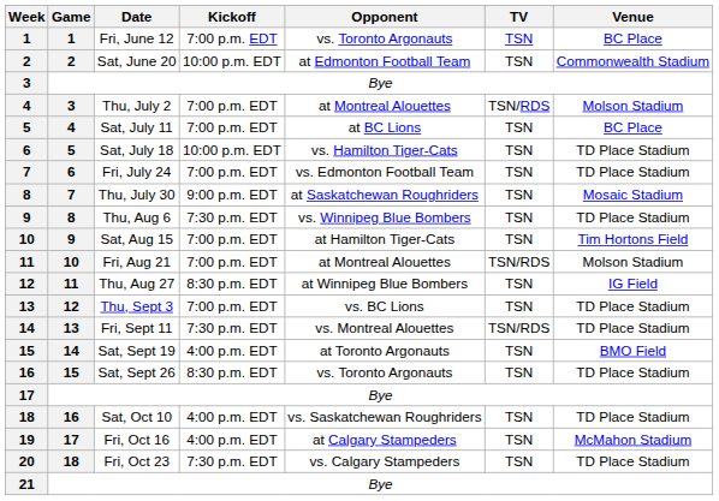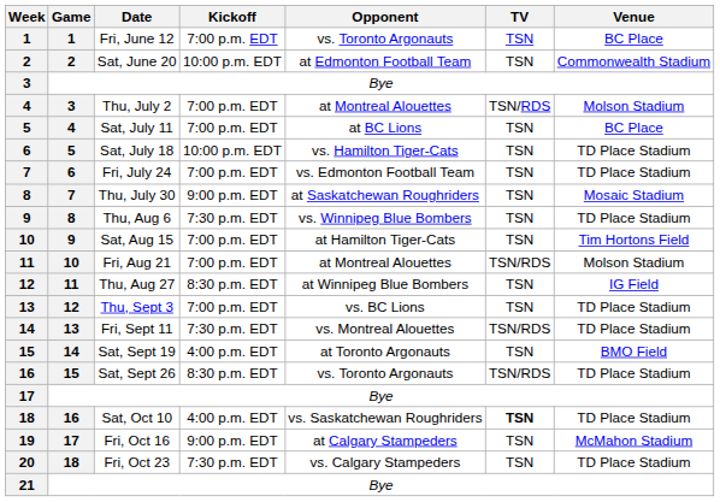 <table class="wikitable" style="font-size: 95%;">
 <tr>
 <th scope="col">Week</th>
 <th scope="col">Game</th>
 <th scope="col">Date</th>
 <th scope="col">Kickoff</th>
 <th scope="col">Opponent</th>
 <th scope="col">TV</th>
 <th scope="col">Venue</th>
 </tr>
 <tr align="center" bgcolor="#ffffff">
 <th align="center">1</th>
 <th align="center">1</th>
 <td align="center">Fri, June 12</td>
 <td align="center">7:00 p.m. <a href='#'>EDT</a></td>
 <td align="center">vs. <a href='#'>Toronto Argonauts</a></td>
 <td align="center"><a href='#'>TSN</a></td>
 <td align="center"><a href='#'>BC Place</a></td>
 </tr>
 <tr align="center" bgcolor="#ffffff">
 <th align="center">2</th>
 <th align="center">2</th>
 <td align="center">Sat, June 20</td>
 <td align="center">10:00 p.m. EDT</td>
 <td align="center">at <a href='#'>Edmonton Football Team</a></td>
 <td align="center">TSN</td>
 <td align="center"><a href='#'>Commonwealth Stadium</a></td>
 </tr>
 <tr align="center" bgcolor="#ffffff">
 <th align="center">3</th>
 <td colspan=10 align="center" valign="middle"><em>Bye</em></td>
 </tr>
 <tr align="center" bgcolor="#ffffff">
 <th align="center">4</th>
 <th align="center">3</th>
 <td align="center">Thu, July 2</td>
 <td align="center">7:00 p.m. EDT</td>
 <td align="center">at <a href='#'>Montreal Alouettes</a></td>
 <td align="center">TSN/<a href='#'>RDS</a></td>
 <td align="center"><a href='#'>Molson Stadium</a></td>
 </tr>
 <tr align="center" bgcolor="#ffffff">
 <th align="center">5</th>
 <th align="center">4</th>
 <td align="center">Sat, July 11</td>
 <td align="center">7:00 p.m. EDT</td>
 <td align="center">at <a href='#'>BC Lions</a></td>
 <td align="center">TSN</td>
 <td align="center"><a href='#'>BC Place</a></td>
 </tr>
 <tr align="center" bgcolor="#ffffff">
 <th align="center">6</th>
 <th align="center">5</th>
 <td align="center">Sat, July 18</td>
 <td align="center">10:00 p.m. EDT</td>
 <td align="center">vs. <a href='#'>Hamilton Tiger-Cats</a></td>
 <td align="center">TSN</td>
 <td align="center">TD Place Stadium</td>
 </tr>
 <tr align="center" bgcolor="#ffffff">
 <th align="center">7</th>
 <th align="center">6</th>
 <td align="center">Fri, July 24</td>
 <td align="center">7:00 p.m. EDT</td>
 <td align="center">vs. Edmonton Football Team</td>
 <td align="center">TSN</td>
 <td align="center">TD Place Stadium</td>
 </tr>
 <tr align="center" bgcolor="#ffffff">
 <th align="center">8</th>
 <th align="center">7</th>
 <td align="center">Thu, July 30</td>
 <td align="center">9:00 p.m. EDT</td>
 <td align="center">at <a href='#'>Saskatchewan Roughriders</a></td>
 <td align="center">TSN</td>
 <td align="center"><a href='#'>Mosaic Stadium</a></td>
 </tr>
 <tr align="center" bgcolor="#ffffff">
 <th align="center">9</th>
 <th align="center">8</th>
 <td align="center">Thu, Aug 6</td>
 <td align="center">7:30 p.m. EDT</td>
 <td align="center">vs. <a href='#'>Winnipeg Blue Bombers</a></td>
 <td align="center">TSN</td>
 <td align="center">TD Place Stadium</td>
 </tr>
 <tr align="center" bgcolor="#ffffff">
 <th align="center">10</th>
 <th align="center">9</th>
 <td align="center">Sat, Aug 15</td>
 <td align="center">7:00 p.m. EDT</td>
 <td align="center">at Hamilton Tiger-Cats</td>
 <td align="center">TSN</td>
 <td align="center"><a href='#'>Tim Hortons Field</a></td>
 </tr>
 <tr align="center" bgcolor="#ffffff">
 <th align="center">11</th>
 <th align="center">10</th>
 <td align="center">Fri, Aug 21</td>
 <td align="center">7:00 p.m. EDT</td>
 <td align="center">at Montreal Alouettes</td>
 <td align="center">TSN/RDS</td>
 <td align="center">Molson Stadium</td>
 </tr>
 <tr align="center" bgcolor="#ffffff">
 <th align="center">12</th>
 <th align="center">11</th>
 <td align="center">Thu, Aug 27</td>
 <td align="center">8:30 p.m. EDT</td>
 <td align="center">at Winnipeg Blue Bombers</td>
 <td align="center">TSN</td>
 <td align="center"><a href='#'>IG Field</a></td>
 </tr>
 <tr align="center" bgcolor="#ffffff">
 <th align="center">13</th>
 <th align="center">12</th>
 <td align="center"><a href='#'>Thu, Sept 3</a></td>
 <td align="center">7:00 p.m. EDT</td>
 <td align="center">vs. BC Lions</td>
 <td align="center">TSN</td>
 <td align="center">TD Place Stadium</td>
 </tr>
 <tr align="center" bgcolor="#ffffff">
 <th align="center">14</th>
 <th align="center">13</th>
 <td align="center">Fri, Sept 11</td>
 <td align="center">7:30 p.m. EDT</td>
 <td align="center">vs. Montreal Alouettes</td>
 <td align="center">TSN/RDS</td>
 <td align="center">TD Place Stadium</td>
 </tr>
 <tr align="center" bgcolor="#ffffff">
 <th align="center">15</th>
 <th align="center">14</th>
 <td align="center">Sat, Sept 19</td>
 <td align="center">4:00 p.m. EDT</td>
 <td align="center">at Toronto Argonauts</td>
 <td align="center">TSN</td>
 <td align="center"><a href='#'>BMO Field</a></td>
 </tr>
 <tr align="center" bgcolor="#ffffff">
 <th align="center">16</th>
 <th align="center">15</th>
 <td align="center">Sat, Sept 26</td>
 <td align="center">8:30 p.m. EDT</td>
 <td align="center">vs. Toronto Argonauts</td>
-<td align="center">TSN</td>
+<td align="center">TSN/RDS</td>
 <td align="center">TD Place Stadium</td>
 </tr>
 <tr align="center" bgcolor="#ffffff">
 <th align="center">17</th>
 <td colspan=10 align="center" valign="middle"><em>Bye</em></td>
 </tr>
 <tr align="center" bgcolor="#ffffff">
 <th align="center">18</th>
 <th align="center">16</th>
 <td align="center">Sat, Oct 10</td>
 <td align="center">4:00 p.m. EDT</td>
 <td align="center">vs. Saskatchewan Roughriders</td>
-<td align="center">TSN</td>
+<td align="center"><strong>TSN</strong></td>
 <td align="center">TD Place Stadium</td>
 </tr>
 <tr align="center" bgcolor="#ffffff">
 <th align="center">19</th>
 <th align="center">17</th>
 <td align="center">Fri, Oct 16</td>
-<td align="center">4:00 p.m. EDT</td>
+<td align="center">9:00 p.m. EDT</td>
 <td align="center">at <a href='#'>Calgary Stampeders</a></td>
 <td align="center">TSN</td>
 <td align="center"><a href='#'>McMahon Stadium</a></td>
 </tr>
 <tr align="center" bgcolor="#ffffff">
 <th align="center">20</th>
 <th align="center">18</th>
 <td align="center">Fri, Oct 23</td>
 <td align="center">7:30 p.m. EDT</td>
 <td align="center">vs. Calgary Stampeders</td>
 <td align="center">TSN</td>
 <td align="center">TD Place Stadium</td>
 </tr>
 <tr align="center" bgcolor="#ffffff">
 <th align="center">21</th>
 <td colspan=10 align="center" valign="middle"><em>Bye</em></td>
 </tr>
 </table>
